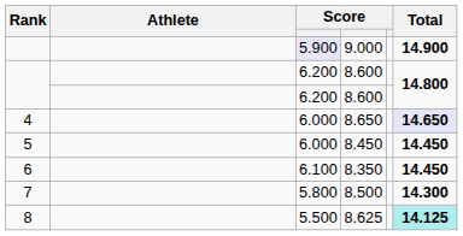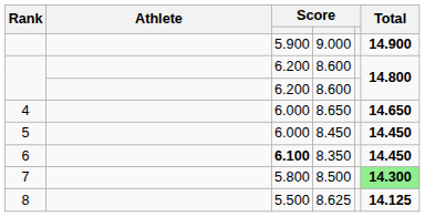 <table class=wikitable style="text-align:center">
 <tr>
 <th width="40" rowspan="2">Rank</th>
 <th width="250" rowspan="2">Athlete</th>
 <th width="60" colspan="3">Score</th>
 <th width="60" rowspan="2">Total</th>
 </tr>
 <tr>
 <th></th>
 <th></th>
 <th></th>
 </tr>
 <tr>
 <td></td>
 <td align="left"></td>
-<td style="background: lavender;">5.900</td>
+<td>5.900</td>
 <td>9.000</td>
 <td></td>
 <td><strong>14.900</strong></td>
 </tr>
 <tr>
 <td rowspan="2"></td>
 <td align="left"></td>
 <td>6.200</td>
 <td>8.600</td>
 <td></td>
 <td rowspan="2"><strong>14.800</strong></td>
 </tr>
 <tr>
 <td align="left"></td>
 <td>6.200</td>
 <td>8.600</td>
 <td></td>
 </tr>
 <tr>
 <td>4</td>
 <td align="left"></td>
 <td>6.000</td>
 <td>8.650</td>
 <td></td>
-<td style="background: lavender;"><strong>14.650</strong></td>
+<td><strong>14.650</strong></td>
 </tr>
 <tr>
 <td>5</td>
 <td align="left"></td>
 <td>6.000</td>
 <td>8.450</td>
 <td></td>
 <td><strong>14.450</strong></td>
 </tr>
 <tr>
 <td>6</td>
 <td align="left"></td>
-<td>6.100</td>
+<td><strong>6.100</strong></td>
 <td>8.350</td>
 <td></td>
 <td><strong>14.450</strong></td>
 </tr>
 <tr>
 <td>7</td>
 <td align="left"></td>
 <td>5.800</td>
 <td>8.500</td>
 <td></td>
-<td><strong>14.300</strong></td>
+<td style="background: lightgreen;"><strong>14.300</strong></td>
 </tr>
 <tr>
 <td>8</td>
 <td align="left"></td>
 <td>5.500</td>
 <td>8.625</td>
 <td></td>
-<td style="background: paleturquoise;"><strong>14.125</strong></td>
+<td><strong>14.125</strong></td>
 </tr>
 </table>
